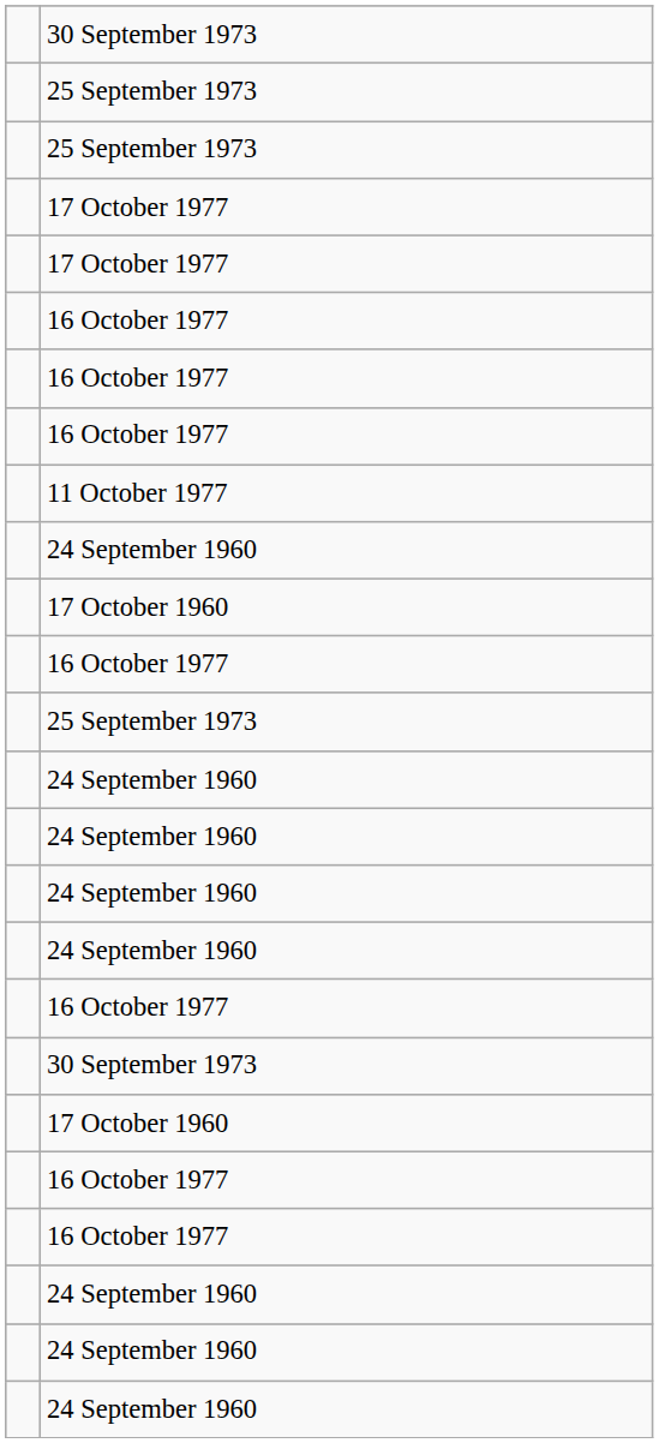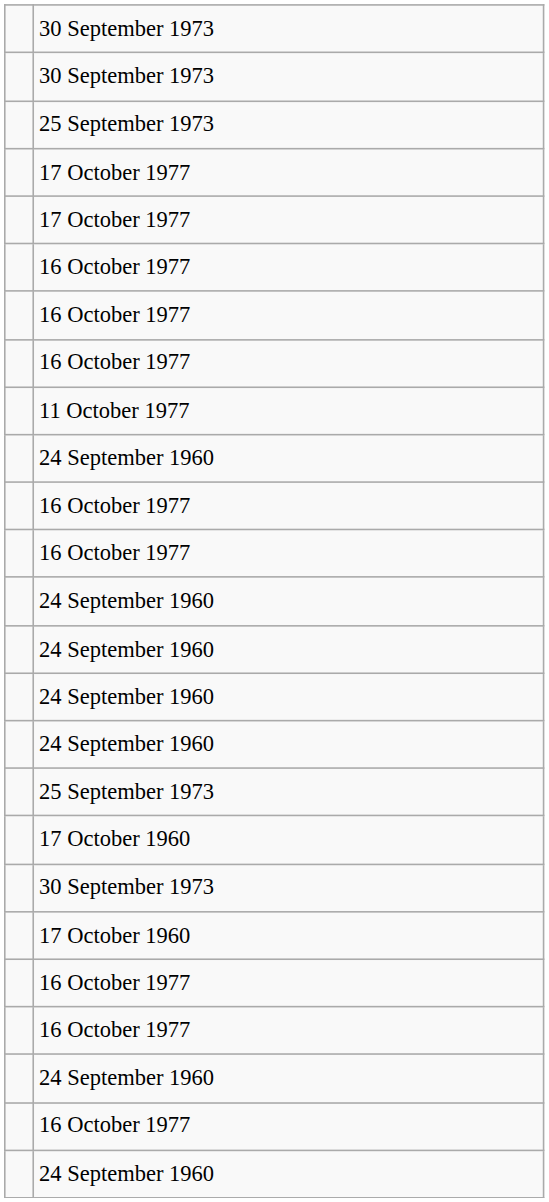 <table class="wikitable" style="font-size: 89%; float: left; width: 24em; margin-right: 1em; line-height: 1.65em">
 <tr>
 <td></td>
 <td>30 September 1973</td>
 </tr>
 <tr>
 <td></td>
-<td>25 September 1973</td>
+<td>30 September 1973</td>
 </tr>
 <tr>
 <td></td>
 <td>25 September 1973</td>
 </tr>
 <tr>
 <td></td>
 <td>17 October 1977</td>
 </tr>
 <tr>
 <td></td>
 <td>17 October 1977</td>
 </tr>
 <tr>
 <td></td>
 <td>16 October 1977</td>
 </tr>
 <tr>
 <td></td>
 <td>16 October 1977</td>
 </tr>
 <tr>
 <td></td>
 <td>16 October 1977</td>
 </tr>
 <tr>
 <td></td>
 <td>11 October 1977</td>
 </tr>
 <tr>
 <td></td>
 <td>24 September 1960</td>
 </tr>
 <tr>
 <td></td>
-<td>17 October 1960</td>
+<td>16 October 1977</td>
 </tr>
 <tr>
 <td></td>
 <td>16 October 1977</td>
-</tr>
-<tr>
-<td></td>
-<td>25 September 1973</td>
 </tr>
 <tr>
 <td></td>
 <td>24 September 1960</td>
 </tr>
 <tr>
 <td></td>
 <td>24 September 1960</td>
 </tr>
 <tr>
 <td></td>
 <td>24 September 1960</td>
 </tr>
 <tr>
 <td></td>
 <td>24 September 1960</td>
 </tr>
 <tr>
 <td></td>
-<td>16 October 1977</td>
+<td>25 September 1973</td>
+</tr>
+<tr>
+<td></td>
+<td>17 October 1960</td>
 </tr>
 <tr>
 <td></td>
 <td>30 September 1973</td>
 </tr>
 <tr>
 <td></td>
 <td>17 October 1960</td>
 </tr>
 <tr>
 <td></td>
 <td>16 October 1977</td>
 </tr>
 <tr>
 <td></td>
 <td>16 October 1977</td>
 </tr>
 <tr>
 <td></td>
 <td>24 September 1960</td>
 </tr>
 <tr>
 <td></td>
-<td>24 September 1960</td>
+<td>16 October 1977</td>
 </tr>
 <tr>
 <td></td>
 <td>24 September 1960</td>
 </tr>
 </table>
